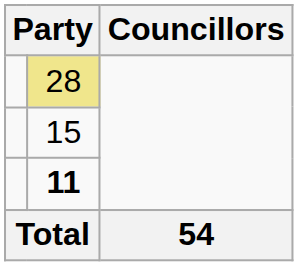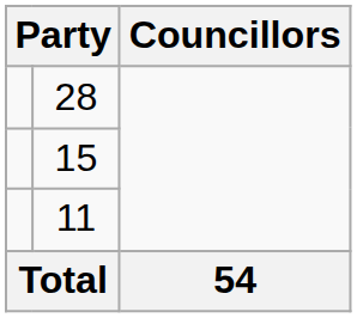 <table class="wikitable">
 <tr>
 <th colspan=2>Party</th>
 <th>Councillors</th>
 </tr>
 <tr>
 <td></td>
-<td align=center style="background: khaki;">28</td>
+<td align=center>28</td>
 </tr>
 <tr>
 <td></td>
 <td align=center>15</td>
 </tr>
 <tr>
 <td></td>
-<td align=center><strong>11</strong></td>
+<td align=center>11</td>
 </tr>
 <tr>
 <th colspan=2>Total</th>
 <th align=center>54</th>
 </tr>
 </table>
